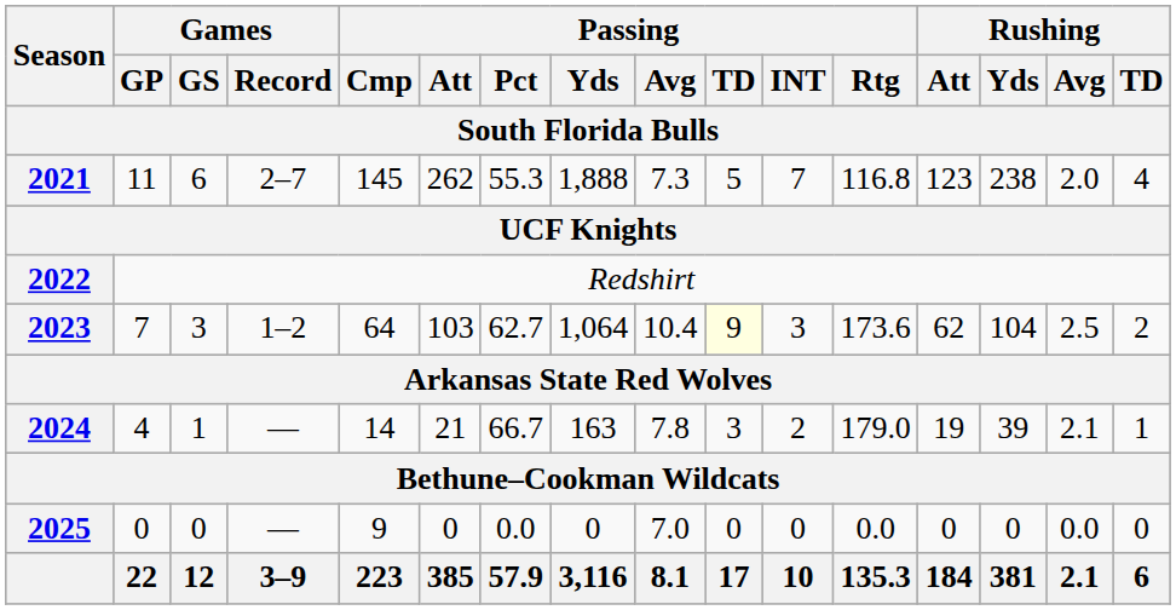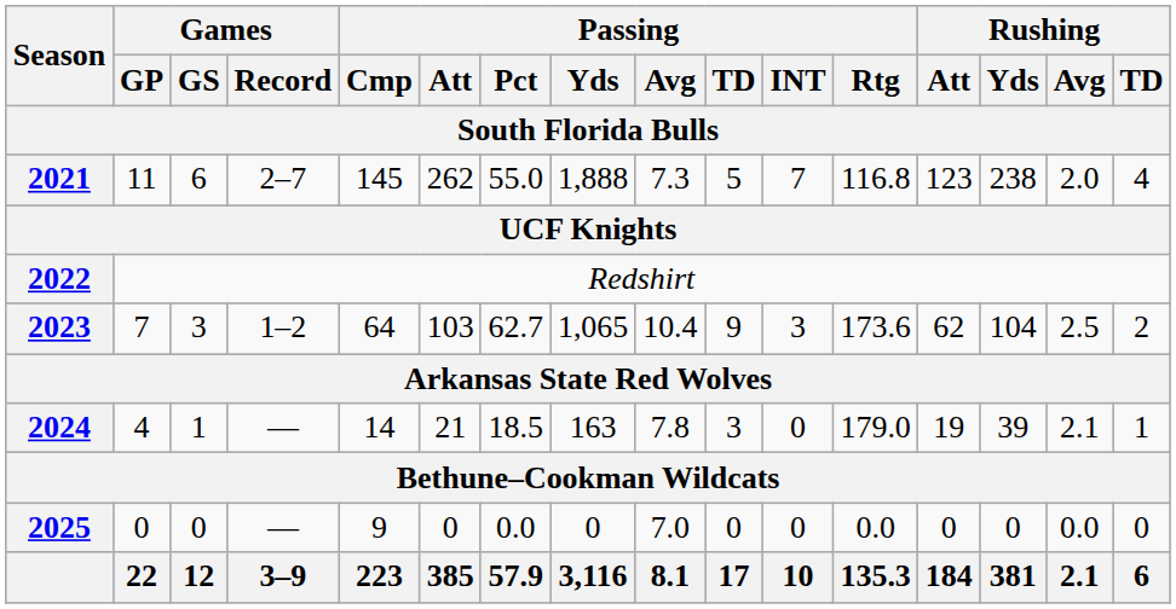 <table class="wikitable" style="text-align:center;">
 <tr>
 <th rowspan="2">Season</th>
 <th colspan="3">Games</th>
 <th colspan="8">Passing</th>
 <th colspan="4">Rushing</th>
 </tr>
 <tr>
 <th>GP</th>
 <th>GS</th>
 <th>Record</th>
 <th>Cmp</th>
 <th>Att</th>
 <th>Pct</th>
 <th>Yds</th>
 <th>Avg</th>
 <th>TD</th>
 <th>INT</th>
 <th>Rtg</th>
 <th>Att</th>
 <th>Yds</th>
 <th>Avg</th>
 <th>TD</th>
 </tr>
 <tr>
 <th colspan="16">South Florida Bulls</th>
 </tr>
 <tr>
 <th><a href='#'>2021</a></th>
 <td>11</td>
 <td>6</td>
 <td>2–7</td>
 <td>145</td>
 <td>262</td>
-<td>55.3</td>
+<td>55.0</td>
 <td>1,888</td>
 <td>7.3</td>
 <td>5</td>
 <td>7</td>
 <td>116.8</td>
 <td>123</td>
 <td>238</td>
 <td>2.0</td>
 <td>4</td>
 </tr>
 <tr>
 <th colspan="16">UCF Knights</th>
 </tr>
 <tr>
 <th><a href='#'>2022</a></th>
 <td colspan="16"><em>Redshirt </em></td>
 </tr>
 <tr>
 <th><a href='#'>2023</a></th>
 <td>7</td>
 <td>3</td>
 <td>1–2</td>
 <td>64</td>
 <td>103</td>
 <td>62.7</td>
-<td>1,064</td>
+<td>1,065</td>
 <td>10.4</td>
-<td style="background: lightyellow;">9</td>
+<td>9</td>
 <td>3</td>
 <td>173.6</td>
 <td>62</td>
 <td>104</td>
 <td>2.5</td>
 <td>2</td>
 </tr>
 <tr>
 <th colspan="16">Arkansas State Red Wolves</th>
 </tr>
 <tr>
 <th><a href='#'>2024</a></th>
 <td>4</td>
 <td>1</td>
 <td>—</td>
 <td>14</td>
 <td>21</td>
-<td>66.7</td>
+<td>18.5</td>
 <td>163</td>
 <td>7.8</td>
 <td>3</td>
-<td>2</td>
+<td>0</td>
 <td>179.0</td>
 <td>19</td>
 <td>39</td>
 <td>2.1</td>
 <td>1</td>
 </tr>
 <tr>
 <th colspan="16">Bethune–Cookman Wildcats</th>
 </tr>
 <tr>
 <th><a href='#'>2025</a></th>
 <td>0</td>
 <td>0</td>
 <td>—</td>
 <td>9</td>
 <td>0</td>
 <td>0.0</td>
 <td>0</td>
 <td>7.0</td>
 <td>0</td>
 <td>0</td>
 <td>0.0</td>
 <td>0</td>
 <td>0</td>
 <td>0.0</td>
 <td>0</td>
 </tr>
 <tr>
 <th></th>
 <th>22</th>
 <th>12</th>
 <th>3–9</th>
 <th>223</th>
 <th>385</th>
 <th>57.9</th>
 <th>3,116</th>
 <th>8.1</th>
 <th>17</th>
 <th>10</th>
 <th>135.3</th>
 <th>184</th>
 <th>381</th>
 <th>2.1</th>
 <th>6</th>
 </tr>
 </table>
